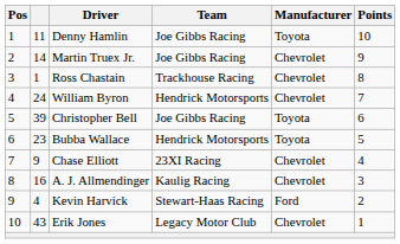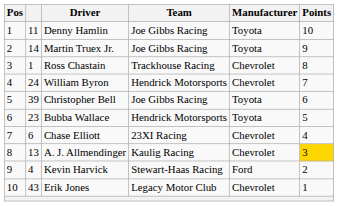 <table class="wikitable" style="font-size:98%">
 <tr>
 <th>Pos</th>
 <th></th>
 <th>Driver</th>
 <th>Team</th>
 <th>Manufacturer</th>
 <th>Points</th>
 </tr>
 <tr>
 <td>1</td>
 <td>11</td>
 <td>Denny Hamlin</td>
 <td>Joe Gibbs Racing</td>
 <td>Toyota</td>
 <td>10</td>
 </tr>
 <tr>
 <td>2</td>
 <td>14</td>
 <td>Martin Truex Jr.</td>
 <td>Joe Gibbs Racing</td>
-<td>Chevrolet</td>
+<td>Toyota</td>
 <td>9</td>
 </tr>
 <tr>
 <td>3</td>
 <td>1</td>
 <td>Ross Chastain</td>
 <td>Trackhouse Racing</td>
 <td>Chevrolet</td>
 <td>8</td>
 </tr>
 <tr>
 <td>4</td>
 <td>24</td>
 <td>William Byron</td>
 <td>Hendrick Motorsports</td>
 <td>Chevrolet</td>
 <td>7</td>
 </tr>
 <tr>
 <td>5</td>
 <td>39</td>
 <td>Christopher Bell</td>
 <td>Joe Gibbs Racing</td>
 <td>Toyota</td>
 <td>6</td>
 </tr>
 <tr>
 <td>6</td>
 <td>23</td>
 <td>Bubba Wallace</td>
 <td>Hendrick Motorsports</td>
 <td>Toyota</td>
 <td>5</td>
 </tr>
 <tr>
 <td>7</td>
-<td>9</td>
+<td>6</td>
 <td>Chase Elliott</td>
 <td>23XI Racing</td>
 <td>Chevrolet</td>
 <td>4</td>
 </tr>
 <tr>
 <td>8</td>
-<td>16</td>
+<td>13</td>
 <td>A. J. Allmendinger</td>
 <td>Kaulig Racing</td>
 <td>Chevrolet</td>
-<td>3</td>
+<td style="background: gold;">3</td>
 </tr>
 <tr>
 <td>9</td>
 <td>4</td>
 <td>Kevin Harvick</td>
 <td>Stewart-Haas Racing</td>
 <td>Ford</td>
 <td>2</td>
 </tr>
 <tr>
 <td>10</td>
 <td>43</td>
 <td>Erik Jones</td>
 <td>Legacy Motor Club</td>
 <td>Chevrolet</td>
 <td>1</td>
 </tr>
 <tr>
 <th colspan="6"></th>
 </tr>
 </table>
